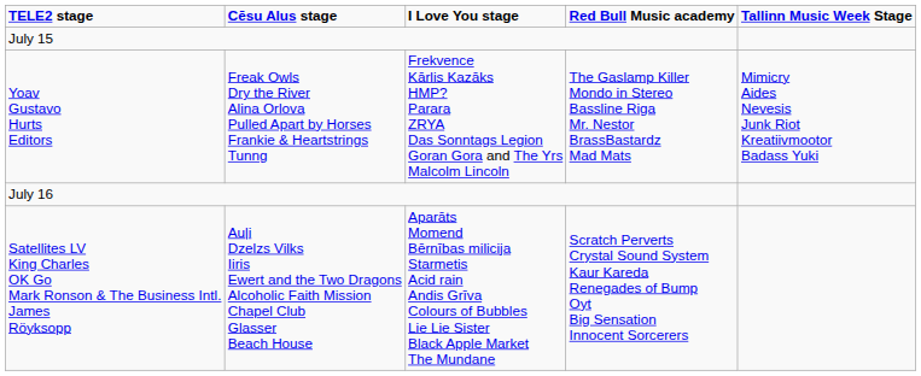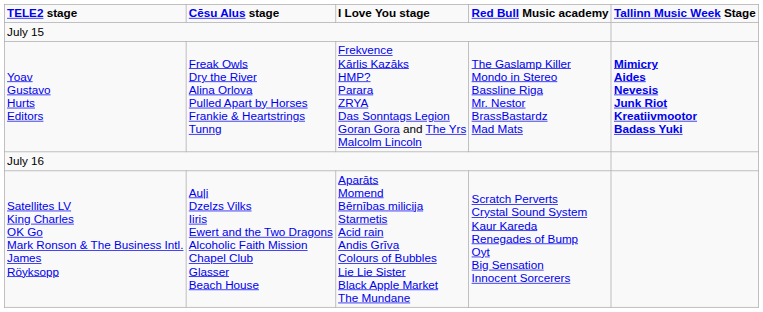 <table class="wikitable">
 <tr>
 <td><strong><a href='#'>TELE2</a> stage</strong></td>
 <td><strong><a href='#'>Cēsu Alus</a> stage</strong></td>
 <td><strong>I Love You stage</strong></td>
 <td><strong><a href='#'>Red Bull</a> Music academy</strong></td>
 <td><strong><a href='#'>Tallinn Music Week</a> Stage</strong></td>
 </tr>
 <tr>
 <td colspan="4">July 15</td>
 </tr>
 <tr>
 <td><a href='#'>Yoav</a><br> <a href='#'>Gustavo</a><br> <a href='#'>Hurts</a><br> <a href='#'>Editors</a></td>
 <td><a href='#'>Freak Owls</a><br> <a href='#'>Dry the River</a><br> <a href='#'>Alina Orlova</a><br> <a href='#'>Pulled Apart by Horses</a><br> <a href='#'>Frankie & Heartstrings</a><br> <a href='#'>Tunng</a></td>
 <td><a href='#'>Frekvence</a><br> <a href='#'>Kārlis Kazāks</a><br> <a href='#'>HMP?</a><br> <a href='#'>Parara</a><br> <a href='#'>ZRYA</a><br> <a href='#'>Das Sonntags Legion</a><br> <a href='#'>Goran Gora</a> and <a href='#'>The Yrs</a><br> <a href='#'>Malcolm Lincoln</a></td>
 <td><a href='#'>The Gaslamp Killer</a><br> <a href='#'>Mondo in Stereo</a><br> <a href='#'>Bassline Riga</a><br> <a href='#'>Mr. Nestor</a><br> <a href='#'>BrassBastardz</a><br> <a href='#'>Mad Mats</a></td>
-<td><a href='#'>Mimicry</a><br> <a href='#'>Aides</a><br> <a href='#'>Nevesis</a><br> <a href='#'>Junk Riot</a><br> <a href='#'>Kreatiivmootor</a><br> <a href='#'>Badass Yuki</a></td>
+<td><strong><a href='#'>Mimicry</a><br> <a href='#'>Aides</a><br> <a href='#'>Nevesis</a><br> <a href='#'>Junk Riot</a><br> <a href='#'>Kreatiivmootor</a><br> <a href='#'>Badass Yuki</a></strong></td>
 </tr>
 <tr>
 <td colspan="4">July 16</td>
 </tr>
 <tr>
 <td><a href='#'>Satellites LV</a><br> <a href='#'>King Charles</a><br> <a href='#'>OK Go</a><br> <a href='#'>Mark Ronson & The Business Intl.</a><br> <a href='#'>James</a><br> <a href='#'>Röyksopp</a></td>
 <td><a href='#'>Auļi</a><br> <a href='#'>Dzelzs Vilks</a><br> <a href='#'>Iiris</a><br> <a href='#'>Ewert and the Two Dragons</a><br> <a href='#'>Alcoholic Faith Mission</a><br> <a href='#'>Chapel Club</a><br> <a href='#'>Glasser</a><br> <a href='#'>Beach House</a></td>
 <td><a href='#'>Aparāts</a><br> <a href='#'>Momend</a><br> <a href='#'>Bērnības milicija</a><br> <a href='#'>Starmetis</a><br> <a href='#'>Acid rain</a><br> <a href='#'>Andis Grīva</a><br> <a href='#'>Colours of Bubbles</a><br> <a href='#'>Lie Lie Sister</a><br> <a href='#'>Black Apple Market</a><br> <a href='#'>The Mundane</a></td>
 <td><a href='#'>Scratch Perverts</a><br> <a href='#'>Crystal Sound System</a><br> <a href='#'>Kaur Kareda</a><br> <a href='#'>Renegades of Bump</a><br> <a href='#'>Oyt</a><br> <a href='#'>Big Sensation</a><br> <a href='#'>Innocent Sorcerers</a></td>
 <td></td>
 </tr>
 </table>
